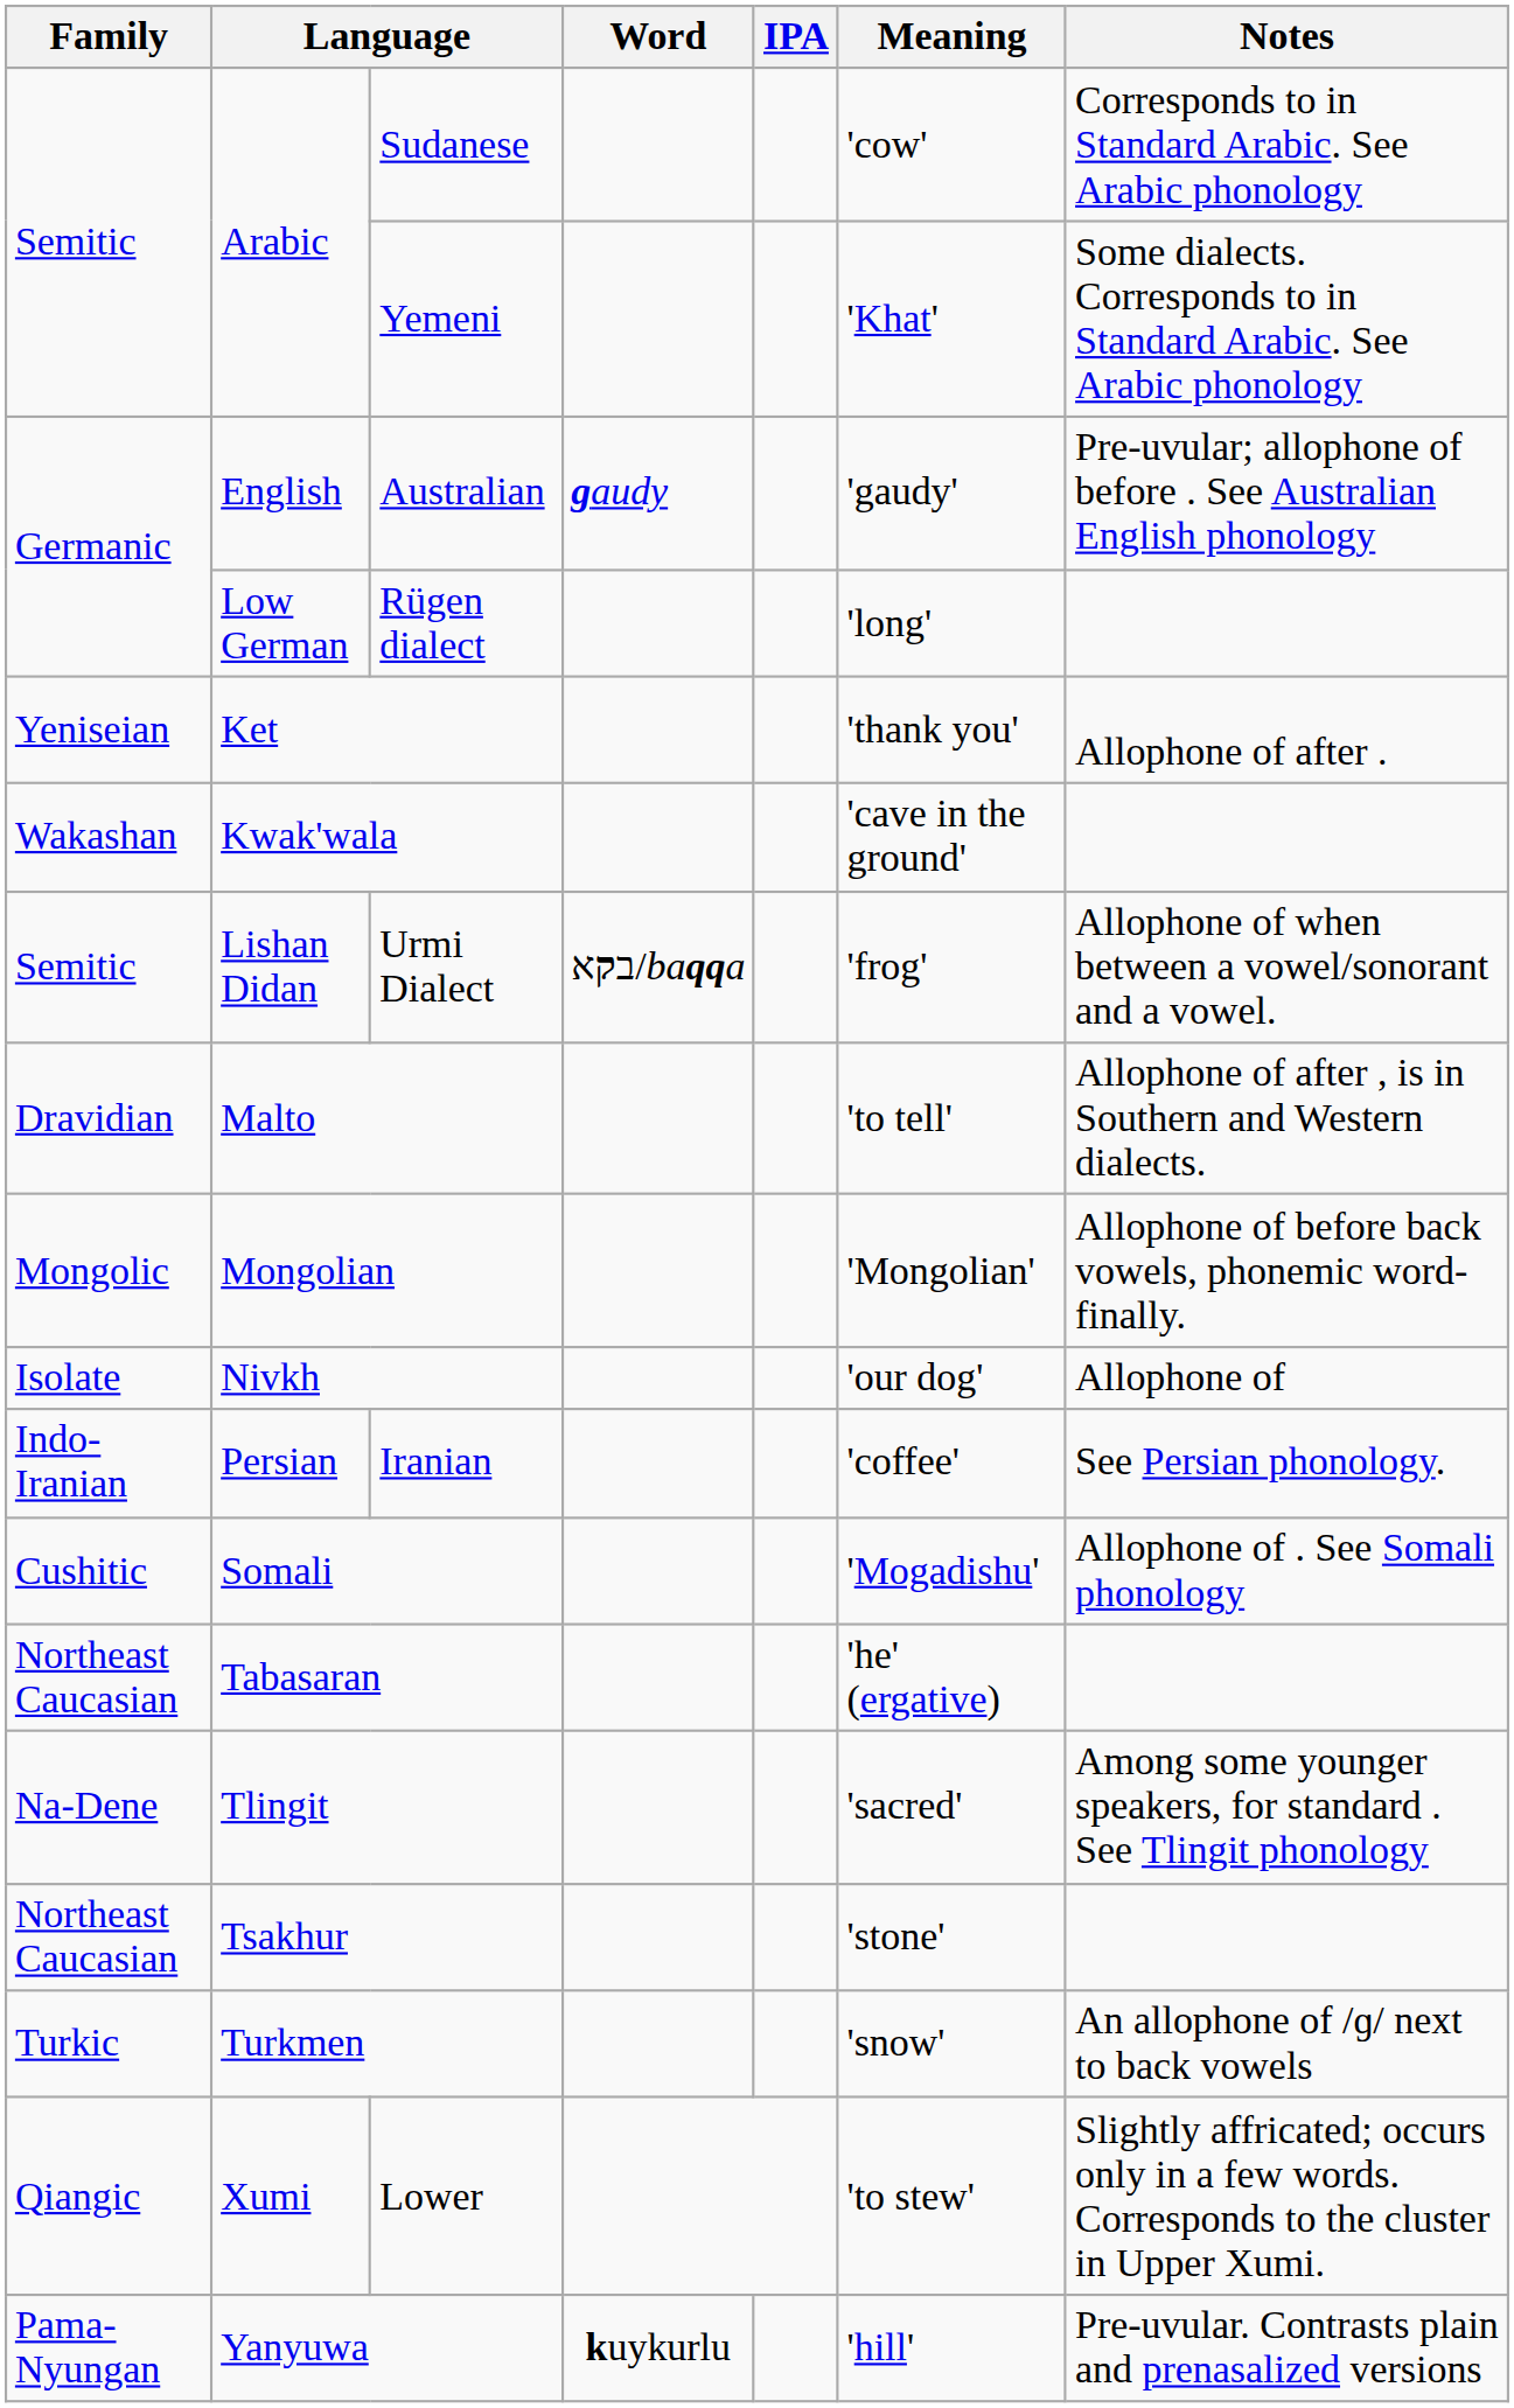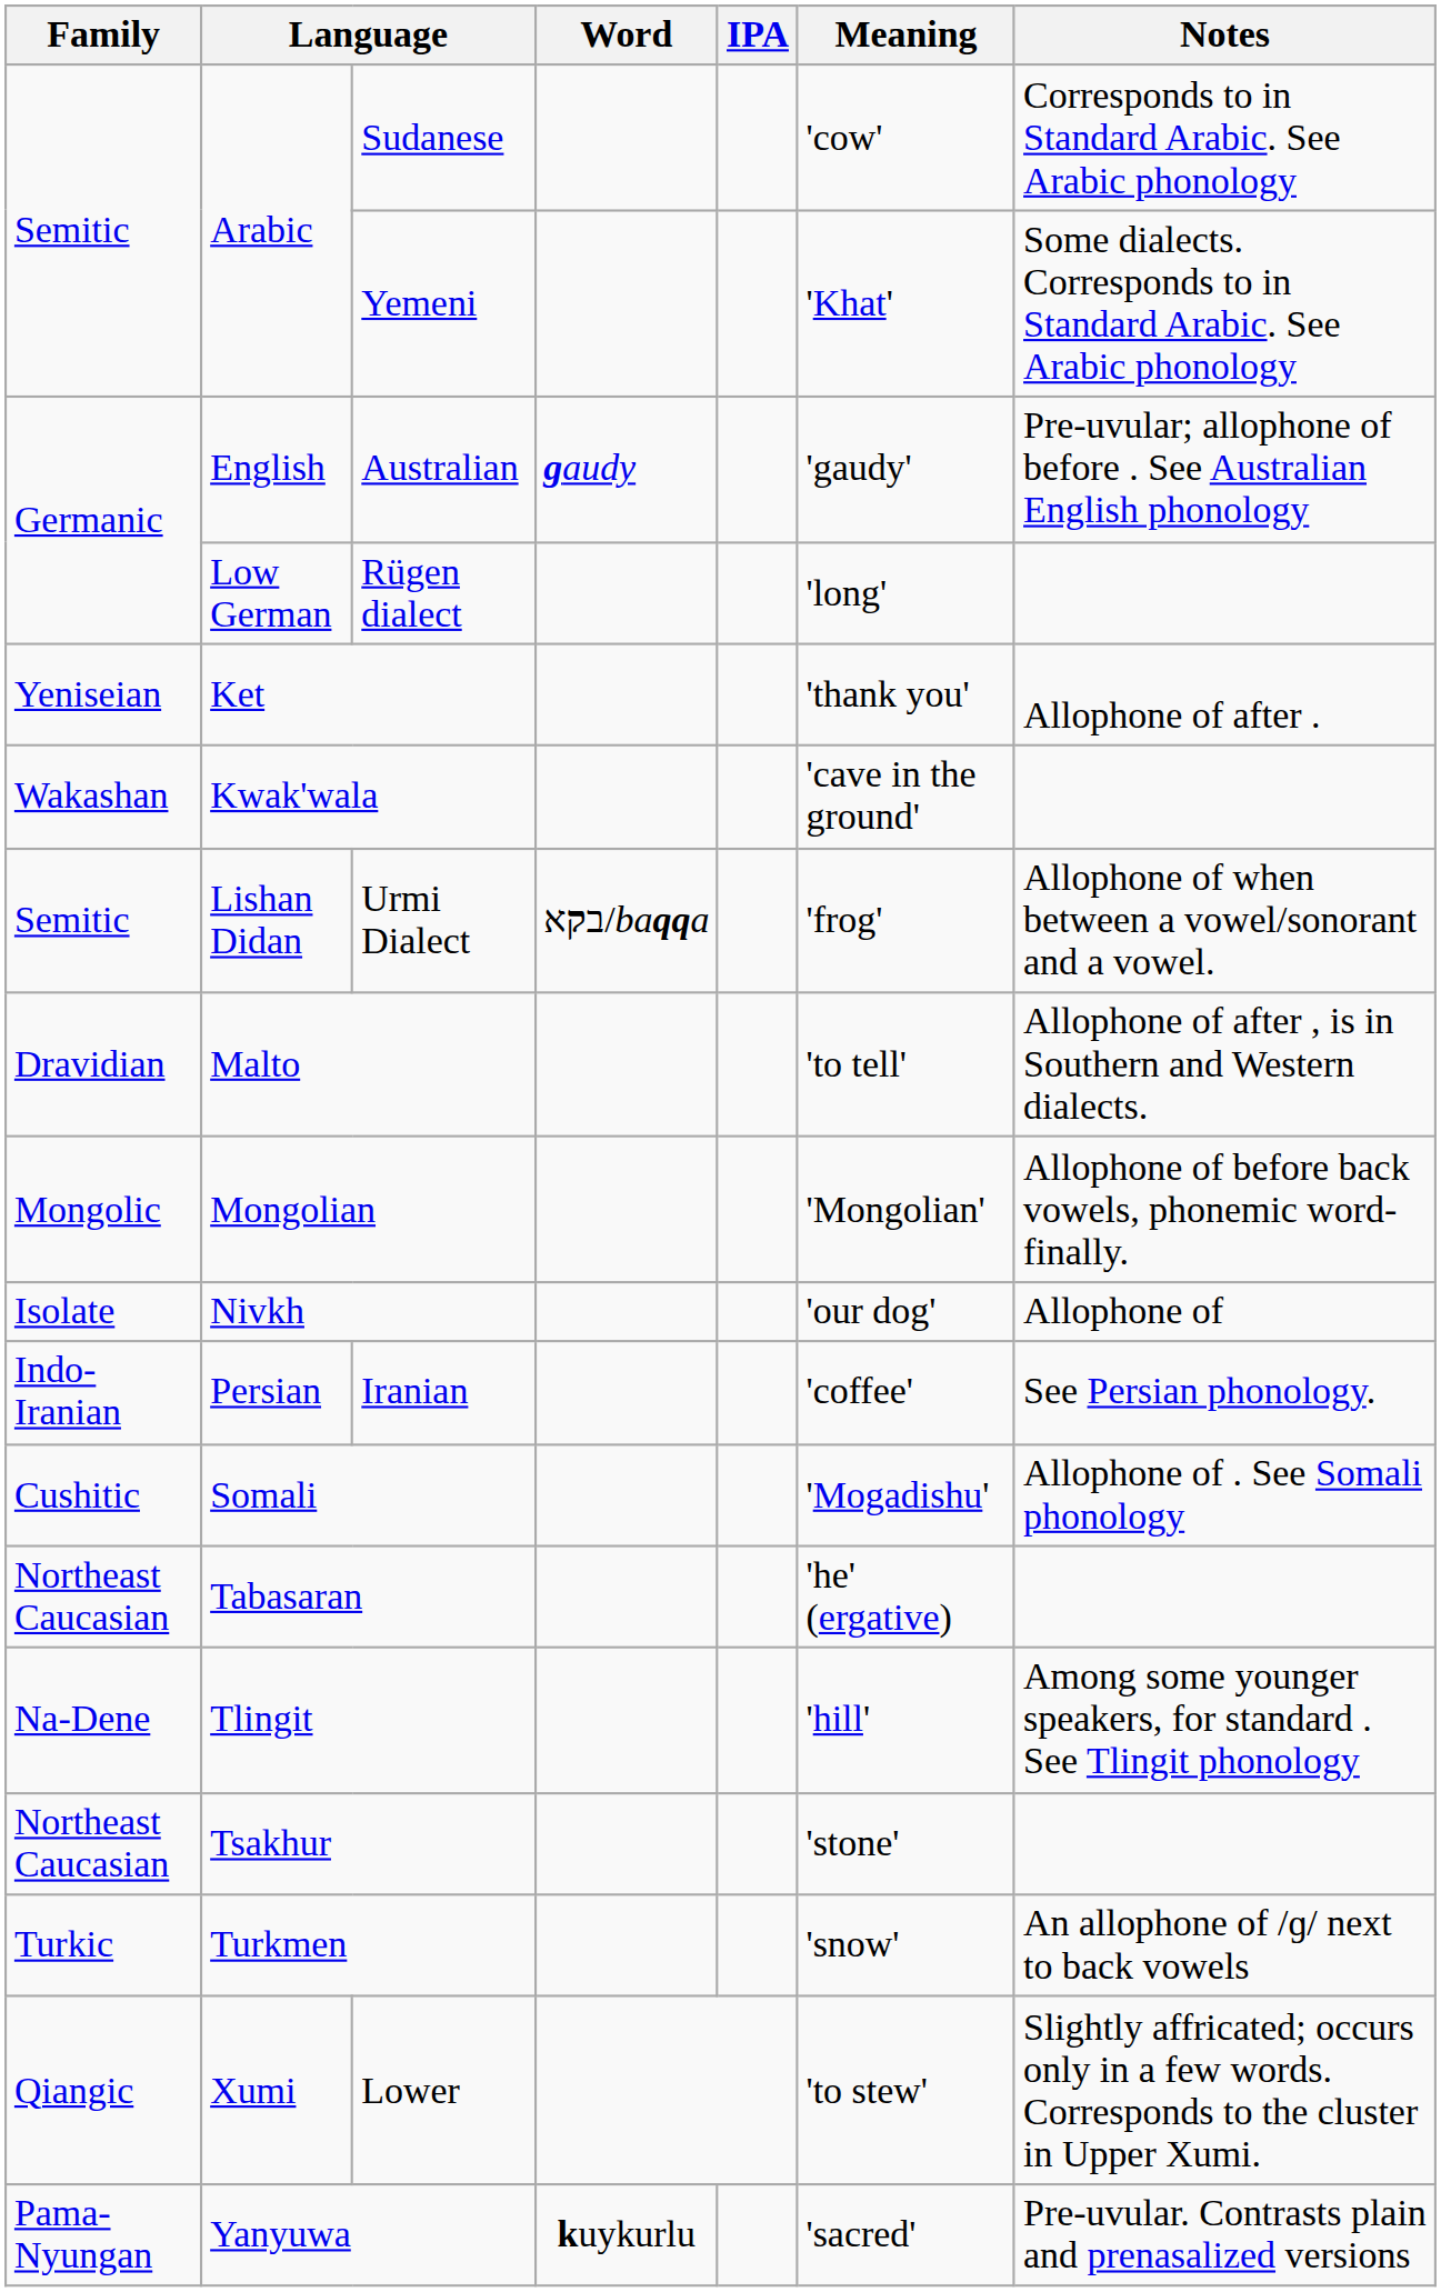 <table class="wikitable">
 <tr>
 <th>Family</th>
 <th colspan=2>Language</th>
 <th>Word</th>
 <th><a href='#'>IPA</a></th>
 <th>Meaning</th>
 <th>Notes</th>
 </tr>
 <tr>
 <td rowspan=2><a href='#'>Semitic</a></td>
 <td rowspan=2><a href='#'>Arabic</a></td>
 <td><a href='#'>Sudanese</a></td>
 <td></td>
 <td></td>
 <td>'cow'</td>
 <td>Corresponds to  in <a href='#'>Standard Arabic</a>. See <a href='#'>Arabic phonology</a></td>
 </tr>
 <tr>
 <td><a href='#'>Yemeni</a></td>
 <td></td>
 <td></td>
 <td>'<a href='#'>Khat</a>'</td>
 <td>Some dialects. Corresponds to  in <a href='#'>Standard Arabic</a>. See <a href='#'>Arabic phonology</a></td>
 </tr>
 <tr>
 <td rowspan=2><a href='#'>Germanic</a></td>
 <td><a href='#'>English</a></td>
 <td><a href='#'>Australian</a></td>
 <td><em><a href='#'><strong>g</strong>audy</a></em></td>
 <td></td>
 <td>'gaudy'</td>
 <td>Pre-uvular; allophone of  before . See <a href='#'>Australian English phonology</a></td>
 </tr>
 <tr>
 <td><a href='#'>Low German</a></td>
 <td><a href='#'>Rügen dialect</a></td>
 <td></td>
 <td></td>
 <td>'long'</td>
 <td></td>
 </tr>
 <tr>
 <td><a href='#'>Yeniseian</a></td>
 <td colspan=2><a href='#'>Ket</a></td>
 <td></td>
 <td></td>
 <td>'thank you'</td>
 <td><br>Allophone of  after .</td>
 </tr>
 <tr>
 <td><a href='#'>Wakashan</a></td>
 <td colspan=2><a href='#'>Kwak'wala</a></td>
 <td></td>
 <td></td>
 <td>'cave in the ground'</td>
 <td></td>
 </tr>
 <tr>
 <td><a href='#'>Semitic</a></td>
 <td><a href='#'>Lishan Didan</a></td>
 <td>Urmi Dialect</td>
 <td>ב<strong>ק</strong>א‎/<em>ba<strong>qq</strong>a</em></td>
 <td></td>
 <td>'frog'</td>
 <td>Allophone of  when between a vowel/sonorant and a vowel.</td>
 </tr>
 <tr>
 <td><a href='#'>Dravidian</a></td>
 <td colspan=2><a href='#'>Malto</a></td>
 <td></td>
 <td></td>
 <td>'to tell'</td>
 <td>Allophone of  after ,  is  in Southern and Western dialects.</td>
 </tr>
 <tr>
 <td><a href='#'>Mongolic</a></td>
 <td colspan=2><a href='#'>Mongolian</a></td>
 <td><br></td>
 <td></td>
 <td>'Mongolian'</td>
 <td>Allophone of  before back vowels, phonemic word-finally.</td>
 </tr>
 <tr>
 <td><a href='#'>Isolate</a></td>
 <td colspan=2><a href='#'>Nivkh</a></td>
 <td></td>
 <td></td>
 <td>'our dog'</td>
 <td>Allophone of </td>
 </tr>
 <tr>
 <td><a href='#'>Indo-Iranian</a></td>
 <td><a href='#'>Persian</a></td>
 <td><a href='#'>Iranian</a></td>
 <td></td>
 <td></td>
 <td>'coffee'</td>
 <td>See <a href='#'>Persian phonology</a>.</td>
 </tr>
 <tr>
 <td><a href='#'>Cushitic</a></td>
 <td colspan=2><a href='#'>Somali</a></td>
 <td></td>
 <td></td>
 <td>'<a href='#'>Mogadishu</a>'</td>
 <td>Allophone of . See <a href='#'>Somali phonology</a></td>
 </tr>
 <tr>
 <td><a href='#'>Northeast Caucasian</a></td>
 <td colspan=2><a href='#'>Tabasaran</a></td>
 <td></td>
 <td></td>
 <td>'he' (<a href='#'>ergative</a>)</td>
 <td></td>
 </tr>
 <tr>
 <td><a href='#'>Na-Dene</a></td>
 <td colspan=2><a href='#'>Tlingit</a></td>
 <td></td>
 <td></td>
-<td>'sacred'</td>
+<td>'<a href='#'>hill</a>'</td>
 <td>Among some younger speakers, for standard . See <a href='#'>Tlingit phonology</a></td>
 </tr>
 <tr>
 <td><a href='#'>Northeast Caucasian</a></td>
 <td colspan=2><a href='#'>Tsakhur</a></td>
 <td></td>
 <td></td>
 <td>'stone'</td>
 <td></td>
 </tr>
 <tr>
 <td><a href='#'>Turkic</a></td>
 <td colspan=2><a href='#'>Turkmen</a></td>
 <td></td>
 <td></td>
 <td>'snow'</td>
 <td>An allophone of /ɡ/ next to back vowels</td>
 </tr>
 <tr>
 <td><a href='#'>Qiangic</a></td>
 <td><a href='#'>Xumi</a></td>
 <td>Lower</td>
 <td colspan=2 align=center></td>
 <td>'to stew'</td>
 <td>Slightly affricated; occurs only in a few words. Corresponds to the cluster  in Upper Xumi.</td>
 </tr>
 <tr>
 <td><a href='#'>Pama-Nyungan</a></td>
 <td colspan="2"><a href='#'>Yanyuwa</a></td>
 <td colspan="1" align="center"><strong>k</strong>uykurlu</td>
 <td colspan="1" align="center"></td>
-<td>'<a href='#'>hill</a>'</td>
+<td>'sacred'</td>
 <td>Pre-uvular. Contrasts plain and <a href='#'>prenasalized</a> versions</td>
 </tr>
 </table>
